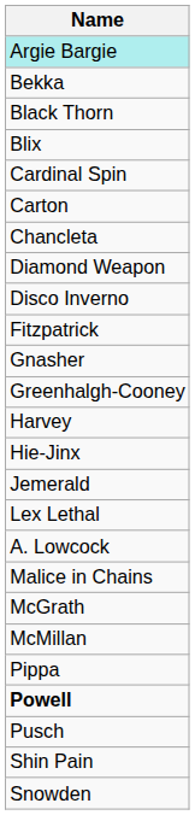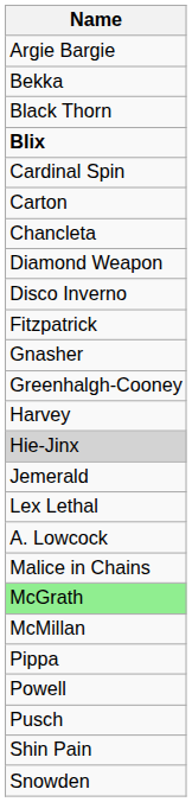 <table class="wikitable">
 <tr>
 <th>Name</th>
 </tr>
 <tr>
-<td style="background: paleturquoise;">Argie Bargie</td>
+<td>Argie Bargie</td>
 </tr>
 <tr>
 <td>Bekka</td>
 </tr>
 <tr>
 <td>Black Thorn</td>
 </tr>
 <tr>
-<td>Blix</td>
+<td><strong>Blix</strong></td>
 </tr>
 <tr>
 <td>Cardinal Spin</td>
 </tr>
 <tr>
 <td>Carton</td>
 </tr>
 <tr>
 <td>Chancleta</td>
 </tr>
 <tr>
 <td>Diamond Weapon</td>
 </tr>
 <tr>
 <td>Disco Inverno</td>
 </tr>
 <tr>
 <td>Fitzpatrick</td>
 </tr>
 <tr>
 <td>Gnasher</td>
 </tr>
 <tr>
 <td>Greenhalgh-Cooney</td>
 </tr>
 <tr>
 <td>Harvey</td>
 </tr>
 <tr>
-<td>Hie-Jinx</td>
+<td style="background: lightgrey;">Hie-Jinx</td>
 </tr>
 <tr>
 <td>Jemerald</td>
 </tr>
 <tr>
 <td>Lex Lethal</td>
 </tr>
 <tr>
 <td>A. Lowcock</td>
 </tr>
 <tr>
 <td>Malice in Chains</td>
 </tr>
 <tr>
-<td>McGrath</td>
+<td style="background: lightgreen;">McGrath</td>
 </tr>
 <tr>
 <td>McMillan</td>
 </tr>
 <tr>
 <td>Pippa</td>
 </tr>
 <tr>
-<td><strong>Powell</strong></td>
+<td>Powell</td>
 </tr>
 <tr>
 <td>Pusch</td>
 </tr>
 <tr>
 <td>Shin Pain</td>
 </tr>
 <tr>
 <td>Snowden</td>
 </tr>
 </table>
